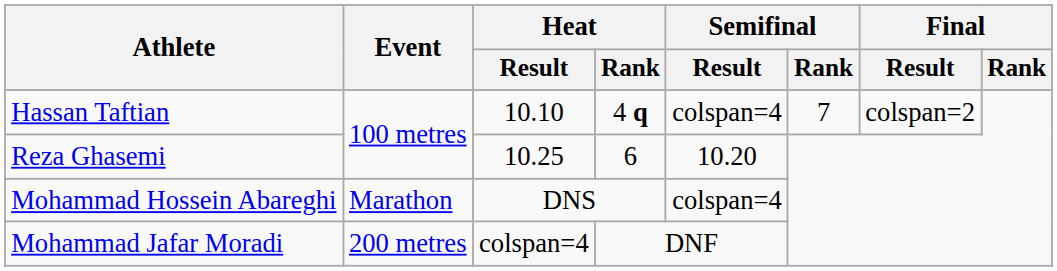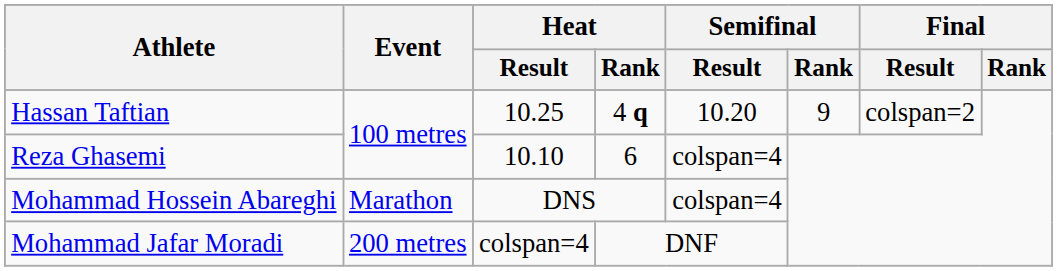 <table class="wikitable" style="font-size:90%">
 <tr>
 <th rowspan="2">Athlete</th>
 <th rowspan="2">Event</th>
 <th colspan="2">Heat</th>
 <th colspan="2">Semifinal</th>
 <th colspan="2">Final</th>
 </tr>
 <tr style="font-size:95%">
 <th>Result</th>
 <th>Rank</th>
 <th>Result</th>
 <th>Rank</th>
 <th>Result</th>
 <th>Rank</th>
 </tr>
 <tr style=text-align:center>
 <td style=text-align:left><a href='#'>Hassan Taftian</a></td>
 <td style=text-align:left rowspan=2><a href='#'>100 metres</a></td>
-<td>10.10</td>
+<td>10.25</td>
 <td>4 <strong>q</strong></td>
-<td>colspan=4 </td>
-<td>7</td>
+<td>10.20</td>
+<td>9</td>
 <td>colspan=2 </td>
 </tr>
 <tr style=text-align:center>
 <td style=text-align:left><a href='#'>Reza Ghasemi</a></td>
-<td>10.25</td>
+<td>10.10</td>
 <td>6</td>
-<td>10.20</td>
+<td>colspan=4 </td>
 </tr>
 <tr style=text-align:center>
 <td style=text-align:left><a href='#'>Mohammad Hossein Abareghi</a></td>
 <td style=text-align:left><a href='#'>Marathon</a></td>
 <td colspan=2>DNS</td>
 <td>colspan=4 </td>
 </tr>
 <tr style=text-align:center>
 <td style=text-align:left><a href='#'>Mohammad Jafar Moradi</a></td>
 <td style=text-align:left><a href='#'>200 metres</a></td>
 <td>colspan=4 </td>
 <td colspan=2>DNF</td>
 </tr>
 </table>
